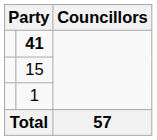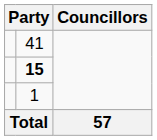 <table class="wikitable">
 <tr>
 <th colspan=2>Party</th>
 <th>Councillors</th>
 </tr>
 <tr>
 <td></td>
-<td align=center><strong>41</strong></td>
+<td align=center>41</td>
 </tr>
 <tr>
 <td></td>
-<td align=center>15</td>
+<td align=center><strong>15</strong></td>
 </tr>
 <tr>
 <td></td>
 <td align=center>1</td>
 </tr>
 <tr>
 <th colspan=2>Total</th>
 <th align=center>57</th>
 </tr>
 </table>
